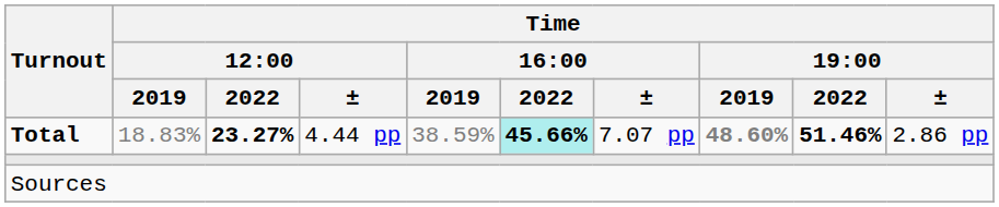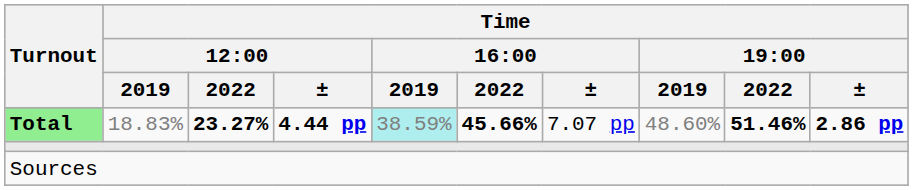 <table class="wikitable sortable" style="text-align:right;">
 <tr>
 <th rowspan="3">Turnout</th>
 <th colspan="9">Time</th>
 </tr>
 <tr>
 <th colspan="3">12:00</th>
 <th colspan="3">16:00</th>
 <th colspan="3">19:00</th>
 </tr>
 <tr>
 <th>2019</th>
 <th>2022</th>
 <th>±</th>
 <th>2019</th>
 <th>2022</th>
 <th>±</th>
 <th>2019</th>
 <th>2022</th>
 <th>±</th>
 </tr>
 <tr>
-<td align="left"><strong>Total</strong></td>
+<td align="left" style="background: lightgreen;"><strong>Total</strong></td>
 <td style="color:gray;">18.83%</td>
 <td><strong>23.27%</strong></td>
-<td> 4.44 <a href='#'>pp</a></td>
-<td style="color:gray;">38.59%</td>
-<td style="background: paleturquoise;"><strong>45.66%</strong></td>
+<td><strong> 4.44 <a href='#'>pp</a></strong></td>
+<td style="background: paleturquoise; color:gray;">38.59%</td>
+<td><strong>45.66%</strong></td>
 <td> 7.07 <a href='#'>pp</a></td>
-<td style="color:gray;"><strong>48.60%</strong></td>
+<td style="color:gray;">48.60%</td>
 <td><strong>51.46%</strong></td>
-<td> 2.86 <a href='#'>pp</a></td>
+<td><strong> 2.86 <a href='#'>pp</a></strong></td>
 </tr>
 <tr>
 <td colspan="10" bgcolor="#E9E9E9"></td>
 </tr>
 <tr>
 <td align="left" colspan="10">Sources</td>
 </tr>
 </table>
